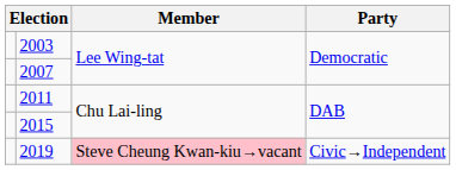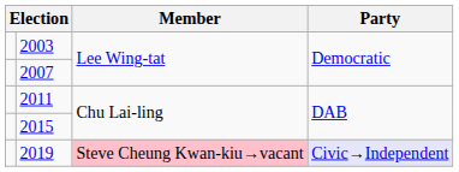 <table class="wikitable">
 <tr>
 <th colspan="2">Election</th>
 <th>Member</th>
 <th>Party</th>
 </tr>
 <tr>
 <td style="background-color: "></td>
 <td><a href='#'>2003</a></td>
 <td rowspan=2><a href='#'>Lee Wing-tat</a></td>
 <td rowspan=2><a href='#'>Democratic</a></td>
 </tr>
 <tr>
 <td style="background-color: "></td>
 <td><a href='#'>2007</a></td>
 </tr>
 <tr>
 <td style="background-color: "></td>
 <td><a href='#'>2011</a></td>
 <td rowspan=2>Chu Lai-ling</td>
 <td rowspan=2><a href='#'>DAB</a></td>
 </tr>
 <tr>
 <td style="background-color: "></td>
 <td><a href='#'>2015</a></td>
 </tr>
 <tr>
 <td style="background-color: "></td>
 <td><a href='#'>2019</a></td>
 <td style="background: pink;">Steve Cheung Kwan-kiu→vacant</td>
-<td><a href='#'>Civic</a>→<a href='#'>Independent</a></td>
+<td style="background: lavender;"><a href='#'>Civic</a>→<a href='#'>Independent</a></td>
 </tr>
 </table>
